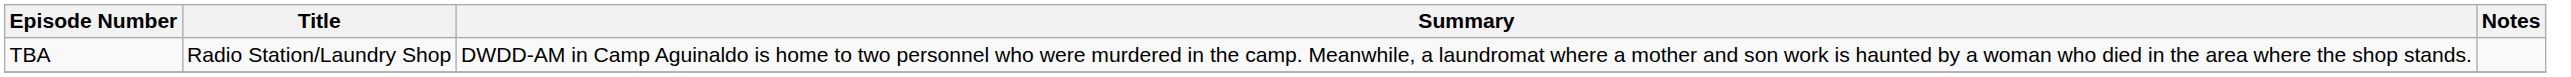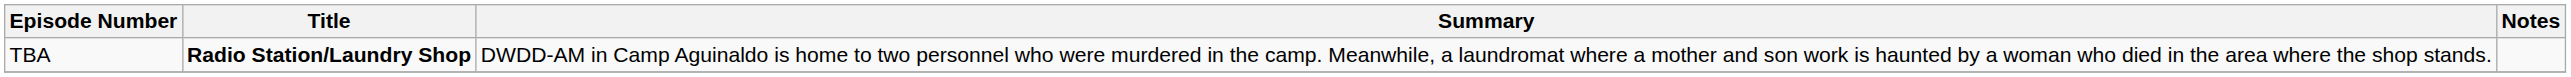 <table class="wikitable">
 <tr>
 <th>Episode Number</th>
 <th>Title</th>
 <th>Summary</th>
 <th>Notes</th>
 </tr>
 <tr>
 <td>TBA</td>
-<td>Radio Station/Laundry Shop</td>
+<td><strong>Radio Station/Laundry Shop</strong></td>
 <td>DWDD-AM in Camp Aguinaldo is home to two personnel who were murdered in the camp. Meanwhile, a laundromat where a mother and son work is haunted by a woman who died in the area where the shop stands.</td>
 <td></td>
 </tr>
 <tr>
 </tr>
 </table>
